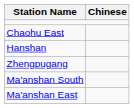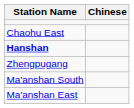 <table class="wikitable">
 <tr>
 <th>Station Name</th>
 <th>Chinese<br>   </th>
 </tr>
 <tr style="background:#">
 <td colspan = "11"></td>
 </tr>
 <tr>
 <td><a href='#'>Chaohu East</a></td>
 <td></td>
 </tr>
 <tr>
-<td><a href='#'>Hanshan</a></td>
+<td><strong><a href='#'>Hanshan</a></strong></td>
 <td></td>
 </tr>
 <tr>
 <td><a href='#'>Zhengpugang</a></td>
 <td></td>
 </tr>
 <tr>
 <td><a href='#'>Ma'anshan South</a></td>
 <td></td>
 </tr>
 <tr>
 <td><a href='#'>Ma'anshan East</a></td>
 <td></td>
 </tr>
 </table>
